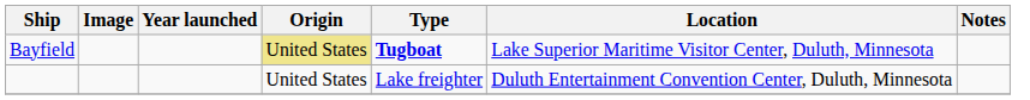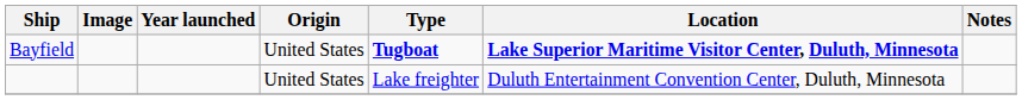 <table class="wikitable sortable">
 <tr>
 <th>Ship</th>
 <th>Image</th>
 <th>Year launched</th>
 <th>Origin</th>
 <th>Type</th>
 <th>Location</th>
 <th>Notes</th>
 </tr>
 <tr>
 <td data-sort-value=><a href='#'>Bayfield</a></td>
 <td></td>
 <td></td>
-<td style="background: khaki;"> United States</td>
+<td> United States</td>
 <td><strong><a href='#'>Tugboat</a></strong></td>
-<td><a href='#'>Lake Superior Maritime Visitor Center</a>, <a href='#'>Duluth, Minnesota</a><br></td>
+<td><strong><a href='#'>Lake Superior Maritime Visitor Center</a>, <a href='#'>Duluth, Minnesota</a><br></strong></td>
 </tr>
 <tr>
 <td data-sort-value=William A. Irvin></td>
 <td></td>
 <td></td>
 <td> United States</td>
 <td><a href='#'>Lake freighter</a></td>
 <td><a href='#'>Duluth Entertainment Convention Center</a>, Duluth, Minnesota<br></td>
 <td></td>
 </tr>
 <tr>
 </tr>
 </table>
